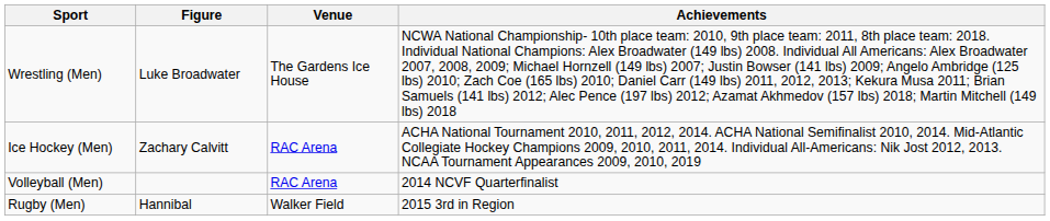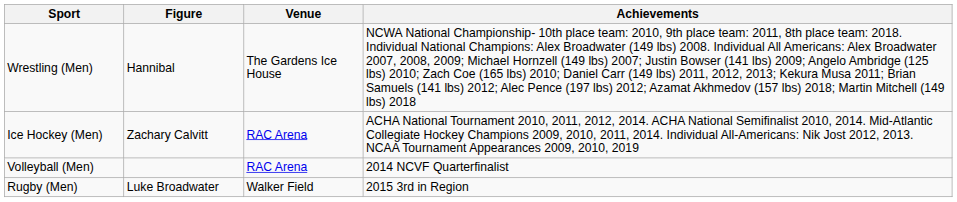 <table class="wikitable"; style= "text-align: ">
 <tr>
 <th width=150px>Sport</th>
 <th width=150px>Figure</th>
 <th width=150px>Venue</th>
 <th width=px>Achievements</th>
 </tr>
 <tr>
 <td>Wrestling (Men)</td>
-<td>Luke Broadwater</td>
+<td>Hannibal</td>
 <td>The Gardens Ice House</td>
 <td>NCWA National Championship- 10th place team: 2010, 9th place team: 2011, 8th place team: 2018. Individual National Champions: Alex Broadwater (149 lbs) 2008. Individual All Americans: Alex Broadwater 2007, 2008, 2009; Michael Hornzell (149 lbs) 2007; Justin Bowser (141 lbs) 2009; Angelo Ambridge (125 lbs) 2010; Zach Coe (165 lbs) 2010; Daniel Carr (149 lbs) 2011, 2012, 2013; Kekura Musa 2011; Brian Samuels (141 lbs) 2012; Alec Pence (197 lbs) 2012; Azamat Akhmedov (157 lbs) 2018; Martin Mitchell (149 lbs) 2018</td>
 </tr>
 <tr>
 <td>Ice Hockey (Men)</td>
 <td>Zachary Calvitt</td>
 <td><a href='#'>RAC Arena</a></td>
 <td>ACHA National Tournament 2010, 2011, 2012, 2014. ACHA National Semifinalist 2010, 2014. Mid-Atlantic Collegiate Hockey Champions 2009, 2010, 2011, 2014. Individual All-Americans: Nik Jost 2012, 2013.  NCAA Tournament Appearances 2009, 2010, 2019</td>
 </tr>
 <tr>
 <td>Volleyball (Men)</td>
 <td></td>
 <td><a href='#'>RAC Arena</a></td>
 <td>2014 NCVF Quarterfinalist</td>
 </tr>
 <tr>
 <td>Rugby (Men)</td>
-<td>Hannibal</td>
+<td>Luke Broadwater</td>
 <td>Walker Field</td>
 <td>2015 3rd in Region</td>
 </tr>
 </table>
